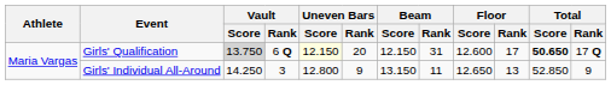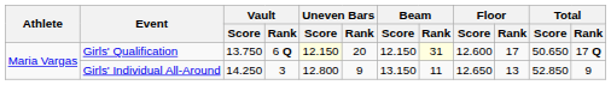 <table class="wikitable" border="1" style="font-size:90%">
 <tr>
 <th rowspan=2>Athlete</th>
 <th rowspan=2>Event</th>
 <th colspan=2>Vault</th>
 <th colspan=2>Uneven Bars</th>
 <th colspan=2>Beam</th>
 <th colspan=2>Floor</th>
 <th colspan=2>Total</th>
 </tr>
 <tr>
 <th>Score</th>
 <th>Rank</th>
 <th>Score</th>
 <th>Rank</th>
 <th>Score</th>
 <th>Rank</th>
 <th>Score</th>
 <th>Rank</th>
 <th>Score</th>
 <th>Rank</th>
 </tr>
 <tr>
 <td rowspan=2><a href='#'>Maria Vargas</a></td>
 <td><a href='#'>Girls' Qualification</a></td>
-<td align=center style="background: lightgrey;">13.750</td>
+<td align=center>13.750</td>
 <td align=center>6 <strong>Q</strong></td>
 <td align=center style="background: lightyellow;">12.150</td>
 <td align=center>20</td>
 <td align=center>12.150</td>
-<td align=center>31</td>
+<td align=center style="background: lightyellow;">31</td>
 <td align=center>12.600</td>
 <td align=center>17</td>
-<td align=center><strong>50.650</strong></td>
+<td align=center>50.650</td>
 <td align=center>17 <strong>Q</strong></td>
 </tr>
 <tr>
 <td><a href='#'>Girls' Individual All-Around</a></td>
 <td align=center>14.250</td>
 <td align=center>3</td>
 <td align=center>12.800</td>
 <td align=center>9</td>
 <td align=center>13.150</td>
 <td align=center>11</td>
 <td align=center>12.650</td>
 <td align=center>13</td>
 <td align=center>52.850</td>
 <td align=center>9</td>
 </tr>
 </table>
